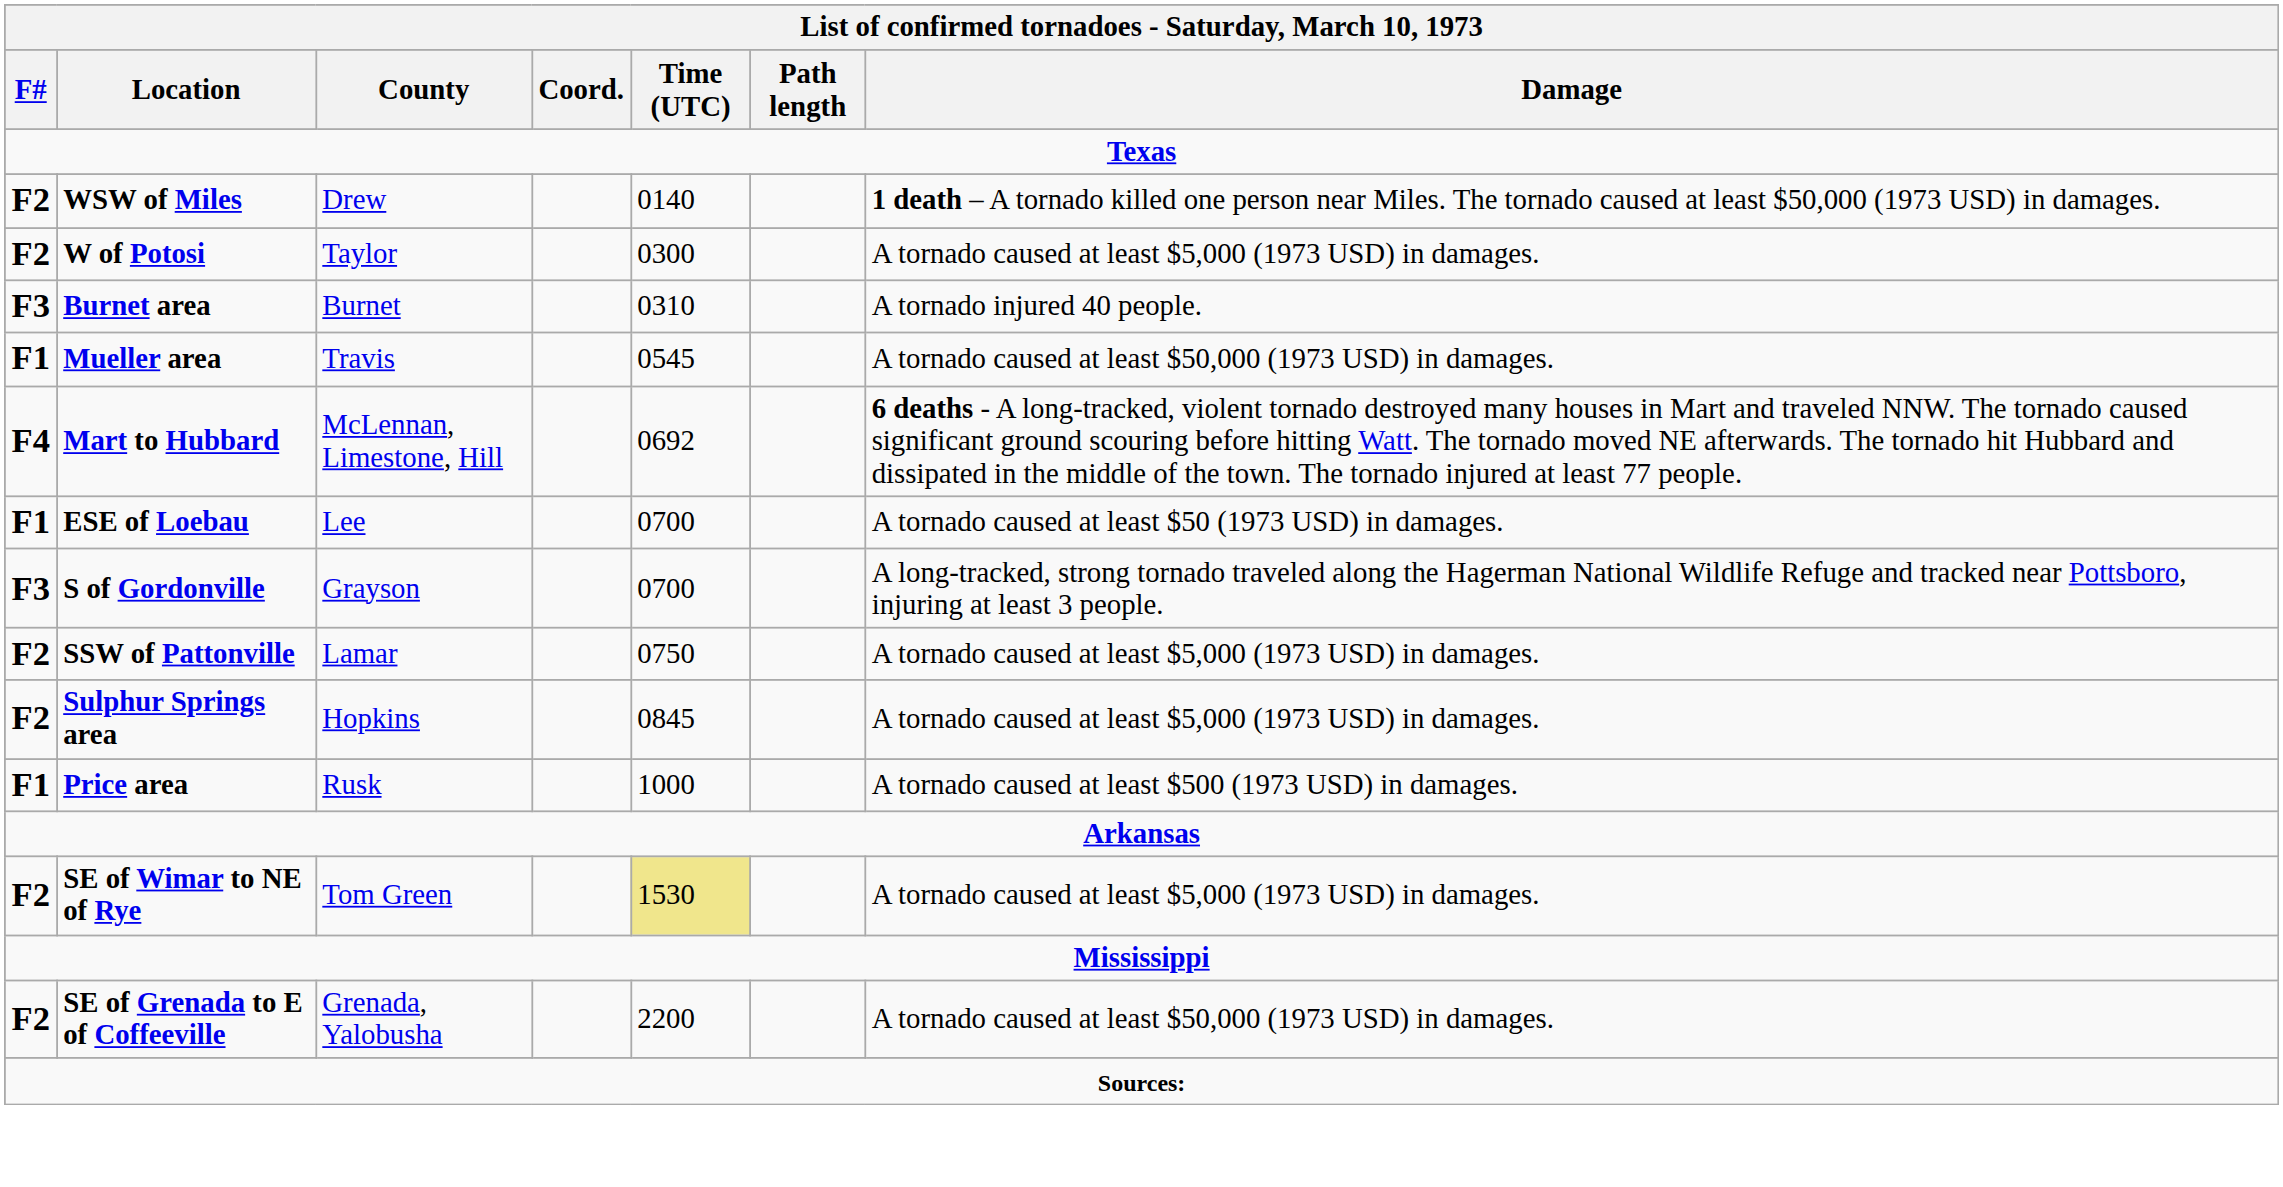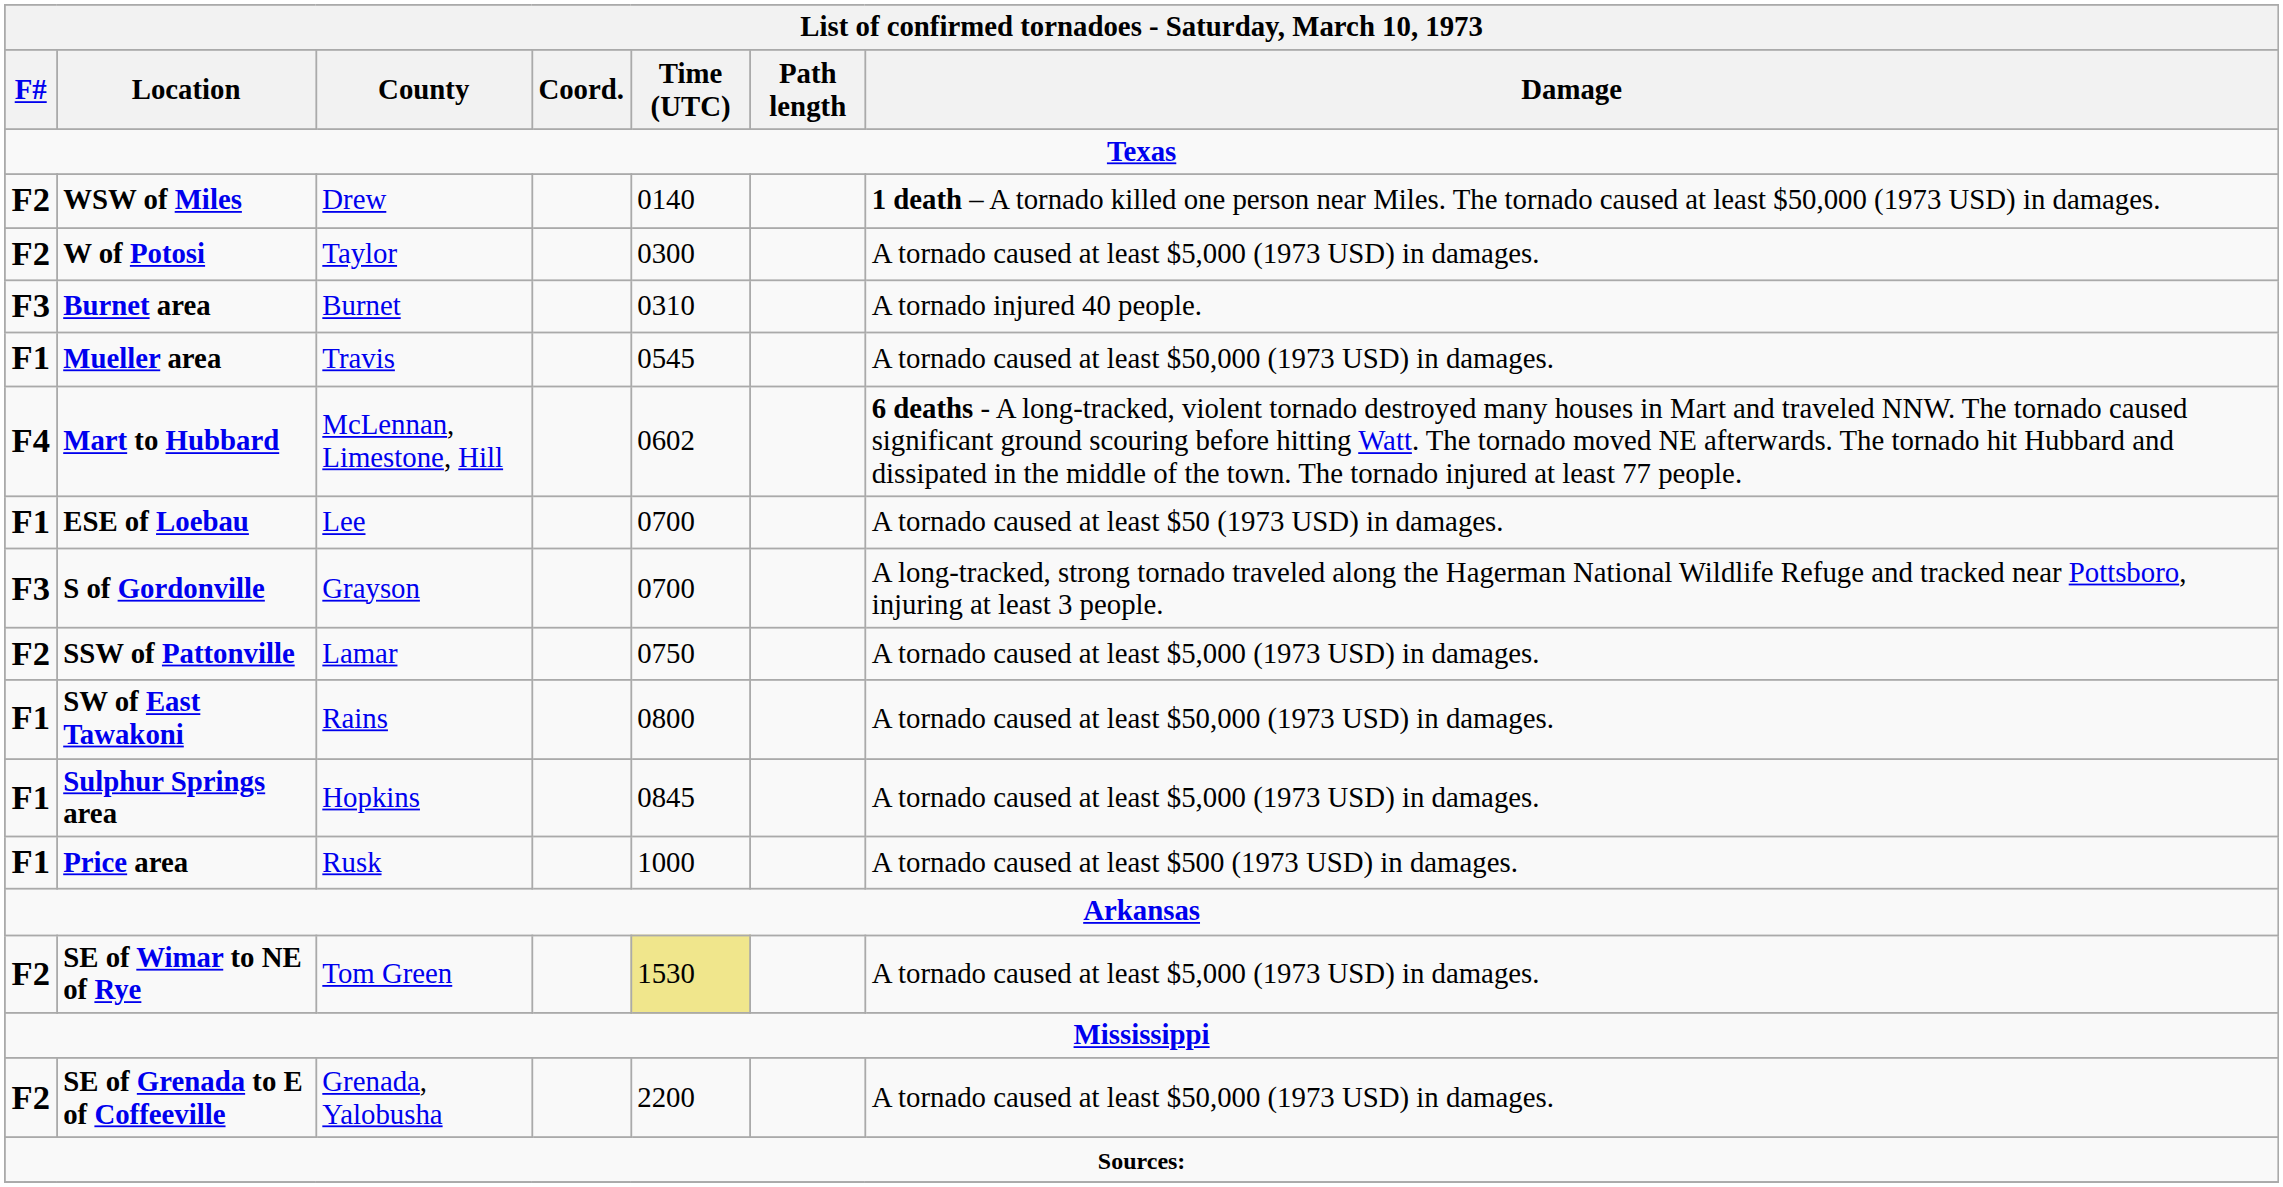 <table class="wikitable collapsible" width="100%">
 <tr>
 <th colspan="7">List of confirmed tornadoes - Saturday, March 10, 1973</th>
 </tr>
 <tr>
 <th><a href='#'>F#</a></th>
 <th>Location</th>
 <th>County</th>
 <th>Coord.</th>
 <th>Time (UTC)</th>
 <th>Path length</th>
 <th>Damage</th>
 </tr>
 <tr>
 <td colspan="7" align=center><strong><a href='#'>Texas</a></strong></td>
 </tr>
 <tr>
 <td><big><strong>F2</strong></big></td>
 <td><strong>WSW of <a href='#'>Miles</a></strong></td>
 <td><a href='#'>Drew</a></td>
 <td></td>
 <td>0140</td>
 <td></td>
 <td><strong>1 death</strong> – A tornado killed one person near Miles. The tornado caused at least $50,000 (1973 USD) in damages.</td>
 </tr>
 <tr>
 <td><big><strong>F2</strong></big></td>
 <td><strong>W of <a href='#'>Potosi</a></strong></td>
 <td><a href='#'>Taylor</a></td>
 <td></td>
 <td>0300</td>
 <td></td>
 <td>A tornado caused at least $5,000 (1973 USD) in damages.</td>
 </tr>
 <tr>
 <td><big><strong>F3</strong></big></td>
 <td><strong><a href='#'>Burnet</a> area</strong></td>
 <td><a href='#'>Burnet</a></td>
 <td></td>
 <td>0310</td>
 <td></td>
 <td>A tornado injured 40 people.</td>
 </tr>
 <tr>
 <td><big><strong>F1</strong></big></td>
 <td><strong><a href='#'>Mueller</a> area</strong></td>
 <td><a href='#'>Travis</a></td>
 <td></td>
 <td>0545</td>
 <td></td>
 <td>A tornado caused at least $50,000 (1973 USD) in damages.</td>
 </tr>
 <tr>
 <td><big><strong>F4</strong></big></td>
 <td><strong><a href='#'>Mart</a> to <a href='#'>Hubbard</a></strong></td>
 <td><a href='#'>McLennan</a>, <a href='#'>Limestone</a>, <a href='#'>Hill</a></td>
 <td></td>
-<td>0692</td>
+<td>0602</td>
 <td></td>
 <td><strong>6 deaths</strong> - A long-tracked, violent tornado destroyed many houses in Mart and traveled NNW. The tornado caused significant ground scouring before hitting <a href='#'>Watt</a>. The tornado moved NE afterwards. The tornado hit Hubbard and dissipated in the middle of the town. The tornado injured at least 77 people.</td>
 </tr>
 <tr>
 <td><big><strong>F1</strong></big></td>
 <td><strong>ESE of <a href='#'>Loebau</a></strong></td>
 <td><a href='#'>Lee</a></td>
 <td></td>
 <td>0700</td>
 <td></td>
 <td>A tornado caused at least $50 (1973 USD) in damages.</td>
 </tr>
 <tr>
 <td><big><strong>F3</strong></big></td>
 <td><strong>S of <a href='#'>Gordonville</a></strong></td>
 <td><a href='#'>Grayson</a></td>
 <td></td>
 <td>0700</td>
 <td></td>
 <td>A long-tracked, strong tornado traveled along the Hagerman National Wildlife Refuge and tracked near <a href='#'>Pottsboro</a>, injuring at least 3 people.</td>
 </tr>
 <tr>
 <td><big><strong>F2</strong></big></td>
 <td><strong>SSW of <a href='#'>Pattonville</a></strong></td>
 <td><a href='#'>Lamar</a></td>
 <td></td>
 <td>0750</td>
 <td></td>
 <td>A tornado caused at least $5,000 (1973 USD) in damages.</td>
 </tr>
 <tr>
-<td><big><strong>F2</strong></big></td>
+<td><big><strong>F1</strong></big></td>
+<td><strong>SW of <a href='#'>East Tawakoni</a></strong></td>
+<td><a href='#'>Rains</a></td>
+<td></td>
+<td>0800</td>
+<td></td>
+<td>A tornado caused at least $50,000 (1973 USD) in damages.</td>
+</tr>
+<tr>
+<td><big><strong>F1</strong></big></td>
 <td><strong><a href='#'>Sulphur Springs</a> area</strong></td>
 <td><a href='#'>Hopkins</a></td>
 <td></td>
 <td>0845</td>
 <td></td>
 <td>A tornado caused at least $5,000 (1973 USD) in damages.</td>
 </tr>
 <tr>
 <td><big><strong>F1</strong></big></td>
 <td><strong><a href='#'>Price</a> area</strong></td>
 <td><a href='#'>Rusk</a></td>
 <td></td>
 <td>1000</td>
 <td></td>
 <td>A tornado caused at least $500 (1973 USD) in damages.</td>
 </tr>
 <tr>
 <td colspan="7" align=center><strong><a href='#'>Arkansas</a></strong></td>
 </tr>
 <tr>
 <td><big><strong>F2</strong></big></td>
 <td><strong>SE of <a href='#'>Wimar</a> to NE of <a href='#'>Rye</a></strong></td>
 <td><a href='#'>Tom Green</a></td>
 <td></td>
 <td style="background: khaki;">1530</td>
 <td></td>
 <td>A tornado caused at least $5,000 (1973 USD) in damages.</td>
 </tr>
 <tr>
 <td colspan="7" align=center><strong><a href='#'>Mississippi</a></strong></td>
 </tr>
 <tr>
 <td><big><strong>F2</strong></big></td>
 <td><strong>SE of <a href='#'>Grenada</a> to E of <a href='#'>Coffeeville</a></strong></td>
 <td><a href='#'>Grenada</a>, <a href='#'>Yalobusha</a></td>
 <td></td>
 <td>2200</td>
 <td></td>
 <td>A tornado caused at least $50,000 (1973 USD) in damages.</td>
 </tr>
 <tr>
 <td colspan="7" align=center><small><strong>Sources:</strong> </small></td>
 </tr>
 <tr>
 </tr>
 </table>
